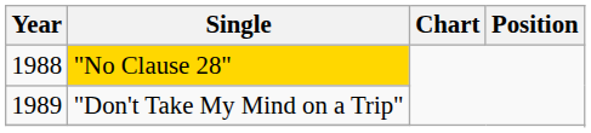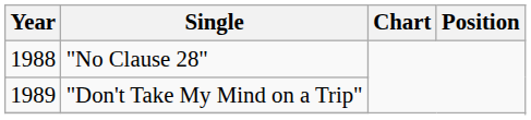 <table class="wikitable">
 <tr>
 <th>Year</th>
 <th>Single</th>
 <th>Chart</th>
 <th>Position</th>
 </tr>
 <tr>
 <td rowspan="1">1988</td>
-<td rowspan="1" style="background: gold;">"No Clause 28"<br></td>
+<td rowspan="1">"No Clause 28"<br></td>
 </tr>
 <tr>
 <td rowspan="3">1989</td>
 <td rowspan="3">"Don't Take My Mind on a Trip"<br></td>
 </tr>
 <tr>
 </tr>
 <tr>
 </tr>
 <tr>
 </tr>
 </table>
